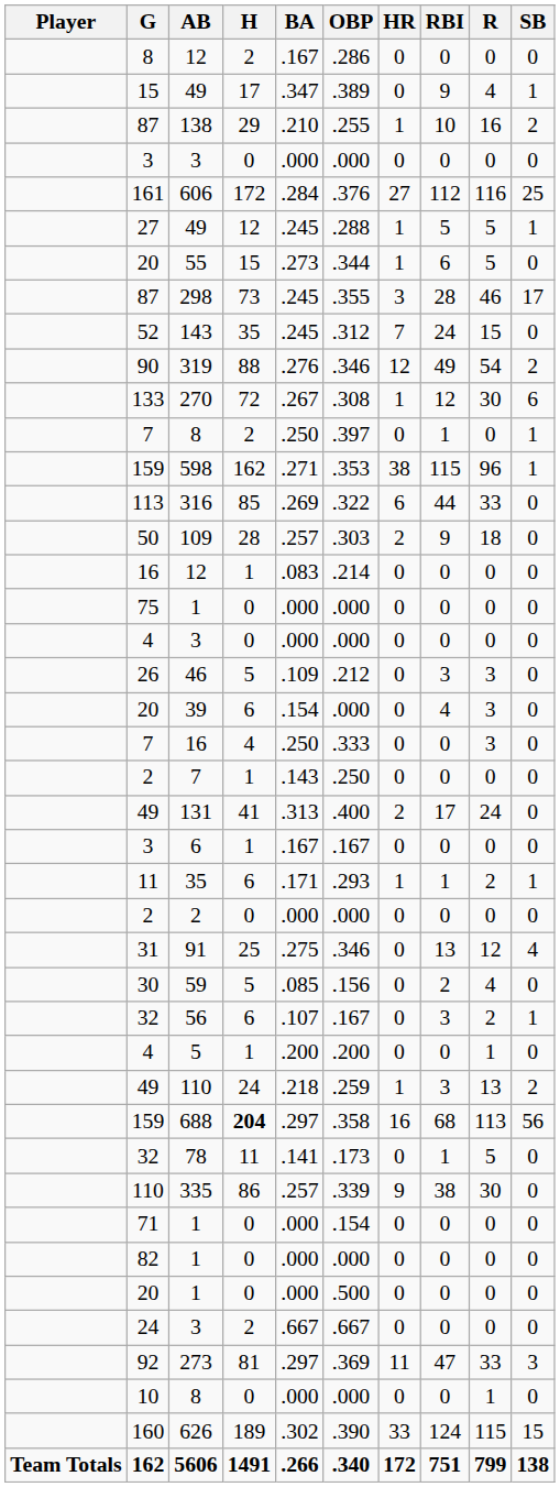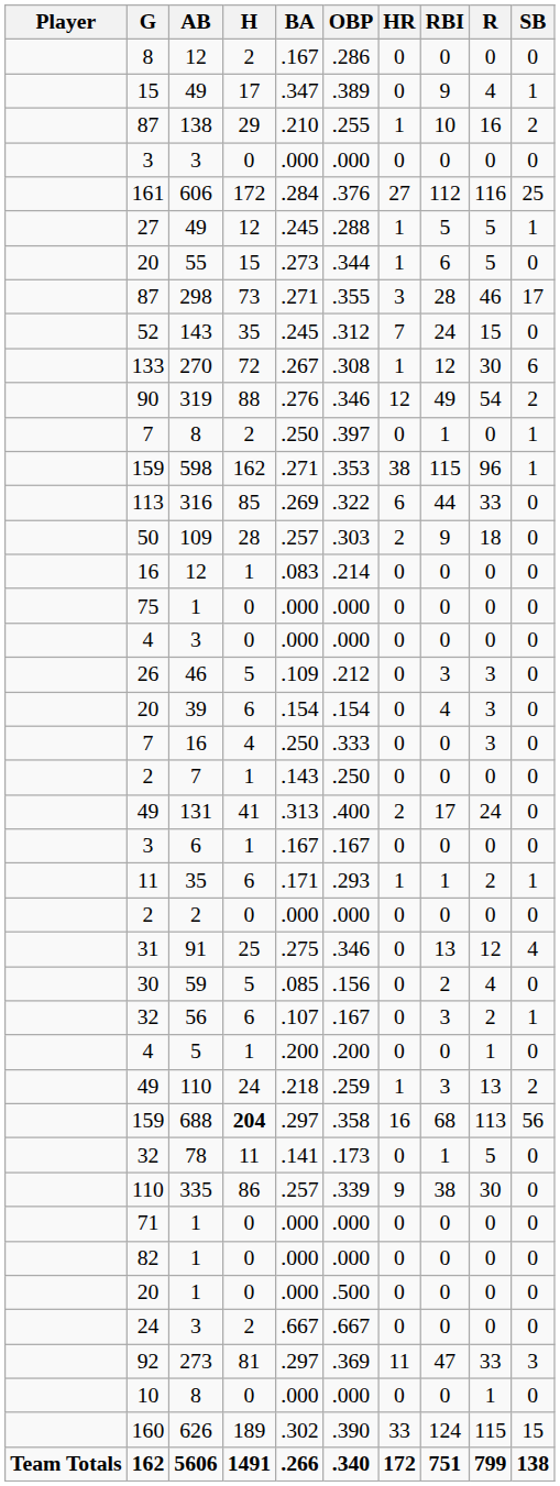 <table class="wikitable sortable">
 <tr>
 <th>Player</th>
 <th>G</th>
 <th>AB</th>
 <th>H</th>
 <th>BA</th>
 <th>OBP</th>
 <th>HR</th>
 <th>RBI</th>
 <th>R</th>
 <th>SB</th>
 </tr>
 <tr style="text-align:center;">
 <td></td>
 <td>8</td>
 <td>12</td>
 <td>2</td>
 <td>.167</td>
 <td>.286</td>
 <td>0</td>
 <td>0</td>
 <td>0</td>
 <td>0</td>
 </tr>
 <tr style="text-align:center;">
 <td></td>
 <td>15</td>
 <td>49</td>
 <td>17</td>
 <td>.347</td>
 <td>.389</td>
 <td>0</td>
 <td>9</td>
 <td>4</td>
 <td>1</td>
 </tr>
 <tr style="text-align:center;">
 <td></td>
 <td>87</td>
 <td>138</td>
 <td>29</td>
 <td>.210</td>
 <td>.255</td>
 <td>1</td>
 <td>10</td>
 <td>16</td>
 <td>2</td>
 </tr>
 <tr style="text-align:center;">
 <td></td>
 <td>3</td>
 <td>3</td>
 <td>0</td>
 <td>.000</td>
 <td>.000</td>
 <td>0</td>
 <td>0</td>
 <td>0</td>
 <td>0</td>
 </tr>
 <tr style="text-align:center;">
 <td></td>
 <td>161</td>
 <td>606</td>
 <td>172</td>
 <td>.284</td>
 <td>.376</td>
 <td>27</td>
 <td>112</td>
 <td>116</td>
 <td>25</td>
 </tr>
 <tr style="text-align:center;">
 <td></td>
 <td>27</td>
 <td>49</td>
 <td>12</td>
 <td>.245</td>
 <td>.288</td>
 <td>1</td>
 <td>5</td>
 <td>5</td>
 <td>1</td>
 </tr>
 <tr style="text-align:center;">
 <td></td>
 <td>20</td>
 <td>55</td>
 <td>15</td>
 <td>.273</td>
 <td>.344</td>
 <td>1</td>
 <td>6</td>
 <td>5</td>
 <td>0</td>
 </tr>
 <tr style="text-align:center;">
 <td></td>
 <td>87</td>
 <td>298</td>
 <td>73</td>
-<td>.245</td>
+<td>.271</td>
 <td>.355</td>
 <td>3</td>
 <td>28</td>
 <td>46</td>
 <td>17</td>
 </tr>
 <tr style="text-align:center;">
 <td></td>
 <td>52</td>
 <td>143</td>
 <td>35</td>
 <td>.245</td>
 <td>.312</td>
 <td>7</td>
 <td>24</td>
 <td>15</td>
 <td>0</td>
 </tr>
 <tr style="text-align:center;">
 <td></td>
+<td>133</td>
+<td>270</td>
+<td>72</td>
+<td>.267</td>
+<td>.308</td>
+<td>1</td>
+<td>12</td>
+<td>30</td>
+<td>6</td>
+</tr>
+<tr style="text-align:center;">
+<td></td>
 <td>90</td>
 <td>319</td>
 <td>88</td>
 <td>.276</td>
 <td>.346</td>
 <td>12</td>
 <td>49</td>
 <td>54</td>
 <td>2</td>
-</tr>
-<tr style="text-align:center;">
-<td></td>
-<td>133</td>
-<td>270</td>
-<td>72</td>
-<td>.267</td>
-<td>.308</td>
-<td>1</td>
-<td>12</td>
-<td>30</td>
-<td>6</td>
 </tr>
 <tr style="text-align:center;">
 <td></td>
 <td>7</td>
 <td>8</td>
 <td>2</td>
 <td>.250</td>
 <td>.397</td>
 <td>0</td>
 <td>1</td>
 <td>0</td>
 <td>1</td>
 </tr>
 <tr style="text-align:center;">
 <td></td>
 <td>159</td>
 <td>598</td>
 <td>162</td>
 <td>.271</td>
 <td>.353</td>
 <td>38</td>
 <td>115</td>
 <td>96</td>
 <td>1</td>
 </tr>
 <tr style="text-align:center;">
 <td></td>
 <td>113</td>
 <td>316</td>
 <td>85</td>
 <td>.269</td>
 <td>.322</td>
 <td>6</td>
 <td>44</td>
 <td>33</td>
 <td>0</td>
 </tr>
 <tr style="text-align:center;">
 <td></td>
 <td>50</td>
 <td>109</td>
 <td>28</td>
 <td>.257</td>
 <td>.303</td>
 <td>2</td>
 <td>9</td>
 <td>18</td>
 <td>0</td>
 </tr>
 <tr style="text-align:center;">
 <td></td>
 <td>16</td>
 <td>12</td>
 <td>1</td>
 <td>.083</td>
 <td>.214</td>
 <td>0</td>
 <td>0</td>
 <td>0</td>
 <td>0</td>
 </tr>
 <tr style="text-align:center;">
 <td></td>
 <td>75</td>
 <td>1</td>
 <td>0</td>
 <td>.000</td>
 <td>.000</td>
 <td>0</td>
 <td>0</td>
 <td>0</td>
 <td>0</td>
 </tr>
 <tr style="text-align:center;">
 <td></td>
 <td>4</td>
 <td>3</td>
 <td>0</td>
 <td>.000</td>
 <td>.000</td>
 <td>0</td>
 <td>0</td>
 <td>0</td>
 <td>0</td>
 </tr>
 <tr style="text-align:center;">
 <td></td>
 <td>26</td>
 <td>46</td>
 <td>5</td>
 <td>.109</td>
 <td>.212</td>
 <td>0</td>
 <td>3</td>
 <td>3</td>
 <td>0</td>
 </tr>
 <tr style="text-align:center;">
 <td></td>
 <td>20</td>
 <td>39</td>
 <td>6</td>
 <td>.154</td>
-<td>.000</td>
+<td>.154</td>
 <td>0</td>
 <td>4</td>
 <td>3</td>
 <td>0</td>
 </tr>
 <tr style="text-align:center;">
 <td></td>
 <td>7</td>
 <td>16</td>
 <td>4</td>
 <td>.250</td>
 <td>.333</td>
 <td>0</td>
 <td>0</td>
 <td>3</td>
 <td>0</td>
 </tr>
 <tr style="text-align:center;">
 <td></td>
 <td>2</td>
 <td>7</td>
 <td>1</td>
 <td>.143</td>
 <td>.250</td>
 <td>0</td>
 <td>0</td>
 <td>0</td>
 <td>0</td>
 </tr>
 <tr style="text-align:center;">
 <td></td>
 <td>49</td>
 <td>131</td>
 <td>41</td>
 <td>.313</td>
 <td>.400</td>
 <td>2</td>
 <td>17</td>
 <td>24</td>
 <td>0</td>
 </tr>
 <tr style="text-align:center;">
 <td></td>
 <td>3</td>
 <td>6</td>
 <td>1</td>
 <td>.167</td>
 <td>.167</td>
 <td>0</td>
 <td>0</td>
 <td>0</td>
 <td>0</td>
 </tr>
 <tr style="text-align:center;">
 <td></td>
 <td>11</td>
 <td>35</td>
 <td>6</td>
 <td>.171</td>
 <td>.293</td>
 <td>1</td>
 <td>1</td>
 <td>2</td>
 <td>1</td>
 </tr>
 <tr style="text-align:center;">
 <td></td>
 <td>2</td>
 <td>2</td>
 <td>0</td>
 <td>.000</td>
 <td>.000</td>
 <td>0</td>
 <td>0</td>
 <td>0</td>
 <td>0</td>
 </tr>
 <tr style="text-align:center;">
 <td></td>
 <td>31</td>
 <td>91</td>
 <td>25</td>
 <td>.275</td>
 <td>.346</td>
 <td>0</td>
 <td>13</td>
 <td>12</td>
 <td>4</td>
 </tr>
 <tr style="text-align:center;">
 <td></td>
 <td>30</td>
 <td>59</td>
 <td>5</td>
 <td>.085</td>
 <td>.156</td>
 <td>0</td>
 <td>2</td>
 <td>4</td>
 <td>0</td>
 </tr>
 <tr style="text-align:center;">
 <td></td>
 <td>32</td>
 <td>56</td>
 <td>6</td>
 <td>.107</td>
 <td>.167</td>
 <td>0</td>
 <td>3</td>
 <td>2</td>
 <td>1</td>
 </tr>
 <tr style="text-align:center;">
 <td></td>
 <td>4</td>
 <td>5</td>
 <td>1</td>
 <td>.200</td>
 <td>.200</td>
 <td>0</td>
 <td>0</td>
 <td>1</td>
 <td>0</td>
 </tr>
 <tr style="text-align:center;">
 <td></td>
 <td>49</td>
 <td>110</td>
 <td>24</td>
 <td>.218</td>
 <td>.259</td>
 <td>1</td>
 <td>3</td>
 <td>13</td>
 <td>2</td>
 </tr>
 <tr style="text-align:center;">
 <td></td>
 <td>159</td>
 <td>688</td>
 <td><strong>204</strong></td>
 <td>.297</td>
 <td>.358</td>
 <td>16</td>
 <td>68</td>
 <td>113</td>
 <td>56</td>
 </tr>
 <tr style="text-align:center;">
 <td></td>
 <td>32</td>
 <td>78</td>
 <td>11</td>
 <td>.141</td>
 <td>.173</td>
 <td>0</td>
 <td>1</td>
 <td>5</td>
 <td>0</td>
 </tr>
 <tr style="text-align:center;">
 <td></td>
 <td>110</td>
 <td>335</td>
 <td>86</td>
 <td>.257</td>
 <td>.339</td>
 <td>9</td>
 <td>38</td>
 <td>30</td>
 <td>0</td>
 </tr>
 <tr style="text-align:center;">
 <td></td>
 <td>71</td>
 <td>1</td>
 <td>0</td>
 <td>.000</td>
-<td>.154</td>
+<td>.000</td>
 <td>0</td>
 <td>0</td>
 <td>0</td>
 <td>0</td>
 </tr>
 <tr style="text-align:center;">
 <td></td>
 <td>82</td>
 <td>1</td>
 <td>0</td>
 <td>.000</td>
 <td>.000</td>
 <td>0</td>
 <td>0</td>
 <td>0</td>
 <td>0</td>
 </tr>
 <tr style="text-align:center;">
 <td></td>
 <td>20</td>
 <td>1</td>
 <td>0</td>
 <td>.000</td>
 <td>.500</td>
 <td>0</td>
 <td>0</td>
 <td>0</td>
 <td>0</td>
 </tr>
 <tr style="text-align:center;">
 <td></td>
 <td>24</td>
 <td>3</td>
 <td>2</td>
 <td>.667</td>
 <td>.667</td>
 <td>0</td>
 <td>0</td>
 <td>0</td>
 <td>0</td>
 </tr>
 <tr style="text-align:center;">
 <td></td>
 <td>92</td>
 <td>273</td>
 <td>81</td>
 <td>.297</td>
 <td>.369</td>
 <td>11</td>
 <td>47</td>
 <td>33</td>
 <td>3</td>
 </tr>
 <tr style="text-align:center;">
 <td></td>
 <td>10</td>
 <td>8</td>
 <td>0</td>
 <td>.000</td>
 <td>.000</td>
 <td>0</td>
 <td>0</td>
 <td>1</td>
 <td>0</td>
 </tr>
 <tr style="text-align:center;">
 <td></td>
 <td>160</td>
 <td>626</td>
 <td>189</td>
 <td>.302</td>
 <td>.390</td>
 <td>33</td>
 <td>124</td>
 <td>115</td>
 <td>15</td>
 </tr>
 <tr style="text-align:center;">
 <td><strong>Team Totals</strong></td>
 <td><strong>162</strong></td>
 <td><strong>5606</strong></td>
 <td><strong>1491</strong></td>
 <td><strong>.266</strong></td>
 <td><strong>.340</strong></td>
 <td><strong>172</strong></td>
 <td><strong>751</strong></td>
 <td><strong>799</strong></td>
 <td><strong>138</strong></td>
 </tr>
 </table>
